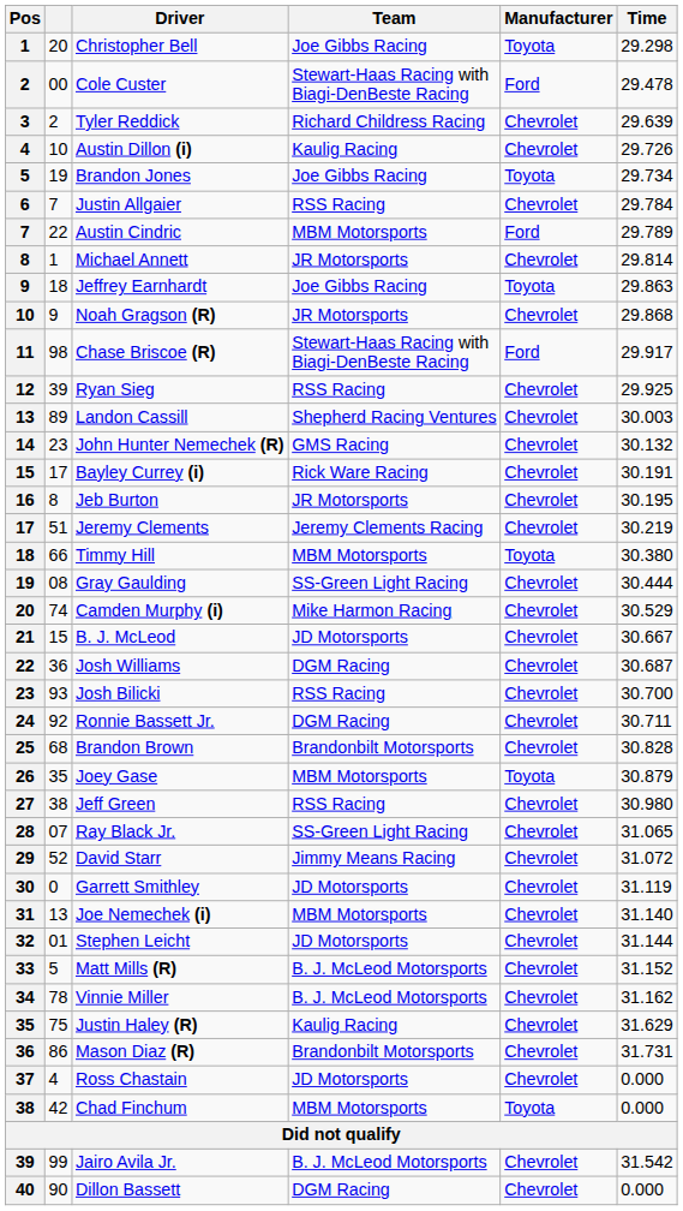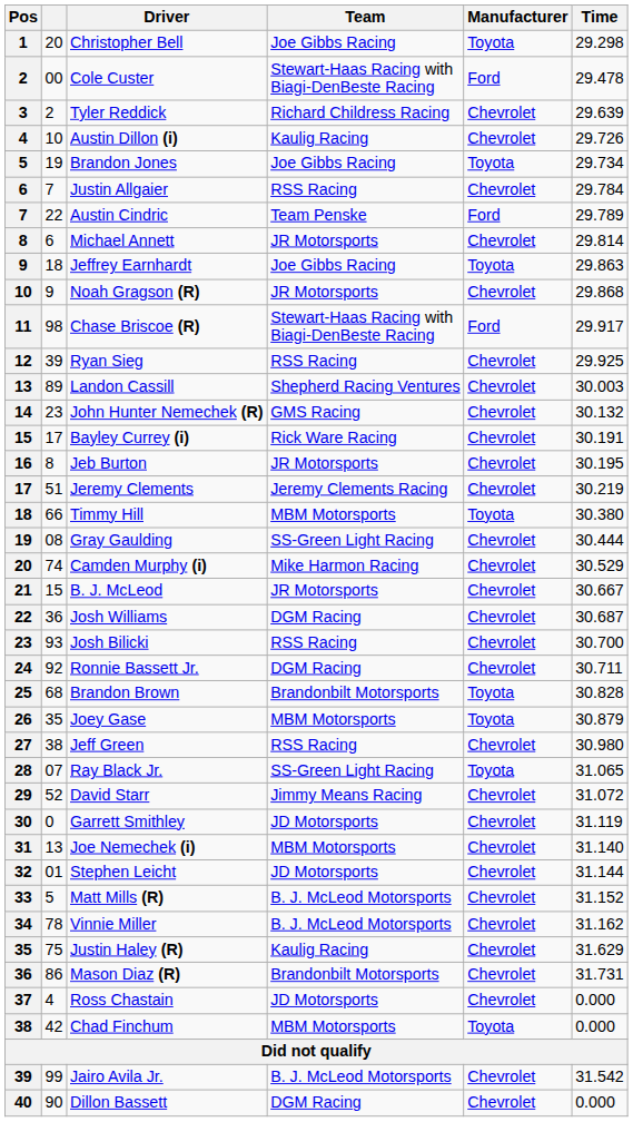 <table class="wikitable" style="font-size:98%">
 <tr>
 <th>Pos</th>
 <th></th>
 <th>Driver</th>
 <th>Team</th>
 <th>Manufacturer</th>
 <th>Time</th>
 </tr>
 <tr>
 <th>1</th>
 <td>20</td>
 <td><a href='#'>Christopher Bell</a></td>
 <td><a href='#'>Joe Gibbs Racing</a></td>
 <td><a href='#'>Toyota</a></td>
 <td>29.298</td>
 </tr>
 <tr>
 <th>2</th>
 <td>00</td>
 <td><a href='#'>Cole Custer</a></td>
 <td><a href='#'>Stewart-Haas Racing</a> with <br> <a href='#'>Biagi-DenBeste Racing</a></td>
 <td><a href='#'>Ford</a></td>
 <td>29.478</td>
 </tr>
 <tr>
 <th>3</th>
 <td>2</td>
 <td><a href='#'>Tyler Reddick</a></td>
 <td><a href='#'>Richard Childress Racing</a></td>
 <td><a href='#'>Chevrolet</a></td>
 <td>29.639</td>
 </tr>
 <tr>
 <th>4</th>
 <td>10</td>
 <td><a href='#'>Austin Dillon</a> <strong>(i)</strong></td>
 <td><a href='#'>Kaulig Racing</a></td>
 <td><a href='#'>Chevrolet</a></td>
 <td>29.726</td>
 </tr>
 <tr>
 <th>5</th>
 <td>19</td>
 <td><a href='#'>Brandon Jones</a></td>
 <td><a href='#'>Joe Gibbs Racing</a></td>
 <td><a href='#'>Toyota</a></td>
 <td>29.734</td>
 </tr>
 <tr>
 <th>6</th>
 <td>7</td>
 <td><a href='#'>Justin Allgaier</a></td>
 <td><a href='#'>RSS Racing</a></td>
 <td><a href='#'>Chevrolet</a></td>
 <td>29.784</td>
 </tr>
 <tr>
 <th>7</th>
 <td>22</td>
 <td><a href='#'>Austin Cindric</a></td>
-<td><a href='#'>MBM Motorsports</a></td>
+<td><a href='#'>Team Penske</a></td>
 <td><a href='#'>Ford</a></td>
 <td>29.789</td>
 </tr>
 <tr>
 <th>8</th>
-<td>1</td>
+<td>6</td>
 <td><a href='#'>Michael Annett</a></td>
 <td><a href='#'>JR Motorsports</a></td>
 <td><a href='#'>Chevrolet</a></td>
 <td>29.814</td>
 </tr>
 <tr>
 <th>9</th>
 <td>18</td>
 <td><a href='#'>Jeffrey Earnhardt</a></td>
 <td><a href='#'>Joe Gibbs Racing</a></td>
 <td><a href='#'>Toyota</a></td>
 <td>29.863</td>
 </tr>
 <tr>
 <th>10</th>
 <td>9</td>
 <td><a href='#'>Noah Gragson</a> <strong>(R)</strong></td>
 <td><a href='#'>JR Motorsports</a></td>
 <td><a href='#'>Chevrolet</a></td>
 <td>29.868</td>
 </tr>
 <tr>
 <th>11</th>
 <td>98</td>
 <td><a href='#'>Chase Briscoe</a> <strong>(R)</strong></td>
 <td><a href='#'>Stewart-Haas Racing</a> with <br> <a href='#'>Biagi-DenBeste Racing</a></td>
 <td><a href='#'>Ford</a></td>
 <td>29.917</td>
 </tr>
 <tr>
 <th>12</th>
 <td>39</td>
 <td><a href='#'>Ryan Sieg</a></td>
 <td><a href='#'>RSS Racing</a></td>
 <td><a href='#'>Chevrolet</a></td>
 <td>29.925</td>
 </tr>
 <tr>
 <th>13</th>
 <td>89</td>
 <td><a href='#'>Landon Cassill</a></td>
 <td><a href='#'>Shepherd Racing Ventures</a></td>
 <td><a href='#'>Chevrolet</a></td>
 <td>30.003</td>
 </tr>
 <tr>
 <th>14</th>
 <td>23</td>
 <td><a href='#'>John Hunter Nemechek</a> <strong>(R)</strong></td>
 <td><a href='#'>GMS Racing</a></td>
 <td><a href='#'>Chevrolet</a></td>
 <td>30.132</td>
 </tr>
 <tr>
 <th>15</th>
 <td>17</td>
 <td><a href='#'>Bayley Currey</a> <strong>(i)</strong></td>
 <td><a href='#'>Rick Ware Racing</a></td>
 <td><a href='#'>Chevrolet</a></td>
 <td>30.191</td>
 </tr>
 <tr>
 <th>16</th>
 <td>8</td>
 <td><a href='#'>Jeb Burton</a></td>
 <td><a href='#'>JR Motorsports</a></td>
 <td><a href='#'>Chevrolet</a></td>
 <td>30.195</td>
 </tr>
 <tr>
 <th>17</th>
 <td>51</td>
 <td><a href='#'>Jeremy Clements</a></td>
 <td><a href='#'>Jeremy Clements Racing</a></td>
 <td><a href='#'>Chevrolet</a></td>
 <td>30.219</td>
 </tr>
 <tr>
 <th>18</th>
 <td>66</td>
 <td><a href='#'>Timmy Hill</a></td>
 <td><a href='#'>MBM Motorsports</a></td>
 <td><a href='#'>Toyota</a></td>
 <td>30.380</td>
 </tr>
 <tr>
 <th>19</th>
 <td>08</td>
 <td><a href='#'>Gray Gaulding</a></td>
 <td><a href='#'>SS-Green Light Racing</a></td>
 <td><a href='#'>Chevrolet</a></td>
 <td>30.444</td>
 </tr>
 <tr>
 <th>20</th>
 <td>74</td>
 <td><a href='#'>Camden Murphy</a> <strong>(i)</strong></td>
 <td><a href='#'>Mike Harmon Racing</a></td>
 <td><a href='#'>Chevrolet</a></td>
 <td>30.529</td>
 </tr>
 <tr>
 <th>21</th>
 <td>15</td>
 <td><a href='#'>B. J. McLeod</a></td>
-<td><a href='#'>JD Motorsports</a></td>
+<td><a href='#'>JR Motorsports</a></td>
 <td><a href='#'>Chevrolet</a></td>
 <td>30.667</td>
 </tr>
 <tr>
 <th>22</th>
 <td>36</td>
 <td><a href='#'>Josh Williams</a></td>
 <td><a href='#'>DGM Racing</a></td>
 <td><a href='#'>Chevrolet</a></td>
 <td>30.687</td>
 </tr>
 <tr>
 <th>23</th>
 <td>93</td>
 <td><a href='#'>Josh Bilicki</a></td>
 <td><a href='#'>RSS Racing</a></td>
 <td><a href='#'>Chevrolet</a></td>
 <td>30.700</td>
 </tr>
 <tr>
 <th>24</th>
 <td>92</td>
 <td><a href='#'>Ronnie Bassett Jr.</a></td>
 <td><a href='#'>DGM Racing</a></td>
 <td><a href='#'>Chevrolet</a></td>
 <td>30.711</td>
 </tr>
 <tr>
 <th>25</th>
 <td>68</td>
 <td><a href='#'>Brandon Brown</a></td>
 <td><a href='#'>Brandonbilt Motorsports</a></td>
-<td><a href='#'>Chevrolet</a></td>
+<td><a href='#'>Toyota</a></td>
 <td>30.828</td>
 </tr>
 <tr>
 <th>26</th>
 <td>35</td>
 <td><a href='#'>Joey Gase</a></td>
 <td><a href='#'>MBM Motorsports</a></td>
 <td><a href='#'>Toyota</a></td>
 <td>30.879</td>
 </tr>
 <tr>
 <th>27</th>
 <td>38</td>
 <td><a href='#'>Jeff Green</a></td>
 <td><a href='#'>RSS Racing</a></td>
 <td><a href='#'>Chevrolet</a></td>
 <td>30.980</td>
 </tr>
 <tr>
 <th>28</th>
 <td>07</td>
 <td><a href='#'>Ray Black Jr.</a></td>
 <td><a href='#'>SS-Green Light Racing</a></td>
-<td><a href='#'>Chevrolet</a></td>
+<td><a href='#'>Toyota</a></td>
 <td>31.065</td>
 </tr>
 <tr>
 <th>29</th>
 <td>52</td>
 <td><a href='#'>David Starr</a></td>
 <td><a href='#'>Jimmy Means Racing</a></td>
 <td><a href='#'>Chevrolet</a></td>
 <td>31.072</td>
 </tr>
 <tr>
 <th>30</th>
 <td>0</td>
 <td><a href='#'>Garrett Smithley</a></td>
 <td><a href='#'>JD Motorsports</a></td>
 <td><a href='#'>Chevrolet</a></td>
 <td>31.119</td>
 </tr>
 <tr>
 <th>31</th>
 <td>13</td>
 <td><a href='#'>Joe Nemechek</a> <strong>(i)</strong></td>
 <td><a href='#'>MBM Motorsports</a></td>
 <td><a href='#'>Chevrolet</a></td>
 <td>31.140</td>
 </tr>
 <tr>
 <th>32</th>
 <td>01</td>
 <td><a href='#'>Stephen Leicht</a></td>
 <td><a href='#'>JD Motorsports</a></td>
 <td><a href='#'>Chevrolet</a></td>
 <td>31.144</td>
 </tr>
 <tr>
 <th>33</th>
 <td>5</td>
 <td><a href='#'>Matt Mills</a> <strong>(R)</strong></td>
 <td><a href='#'>B. J. McLeod Motorsports</a></td>
 <td><a href='#'>Chevrolet</a></td>
 <td>31.152</td>
 </tr>
 <tr>
 <th>34</th>
 <td>78</td>
 <td><a href='#'>Vinnie Miller</a></td>
 <td><a href='#'>B. J. McLeod Motorsports</a></td>
 <td><a href='#'>Chevrolet</a></td>
 <td>31.162</td>
 </tr>
 <tr>
 <th>35</th>
 <td>75</td>
 <td><a href='#'>Justin Haley</a> <strong>(R)</strong></td>
 <td><a href='#'>Kaulig Racing</a></td>
 <td><a href='#'>Chevrolet</a></td>
 <td>31.629</td>
 </tr>
 <tr>
 <th>36</th>
 <td>86</td>
 <td><a href='#'>Mason Diaz</a> <strong>(R)</strong></td>
 <td><a href='#'>Brandonbilt Motorsports</a></td>
 <td><a href='#'>Chevrolet</a></td>
 <td>31.731</td>
 </tr>
 <tr>
 <th>37</th>
 <td>4</td>
 <td><a href='#'>Ross Chastain</a></td>
 <td><a href='#'>JD Motorsports</a></td>
 <td><a href='#'>Chevrolet</a></td>
 <td>0.000</td>
 </tr>
 <tr>
 <th>38</th>
 <td>42</td>
 <td><a href='#'>Chad Finchum</a></td>
 <td><a href='#'>MBM Motorsports</a></td>
 <td><a href='#'>Toyota</a></td>
 <td>0.000</td>
 </tr>
 <tr>
 <th colspan="7">Did not qualify</th>
 </tr>
 <tr>
 <th>39</th>
 <td>99</td>
 <td><a href='#'>Jairo Avila Jr.</a></td>
 <td><a href='#'>B. J. McLeod Motorsports</a></td>
 <td><a href='#'>Chevrolet</a></td>
 <td>31.542</td>
 </tr>
 <tr>
 <th>40</th>
 <td>90</td>
 <td><a href='#'>Dillon Bassett</a></td>
 <td><a href='#'>DGM Racing</a></td>
 <td><a href='#'>Chevrolet</a></td>
 <td>0.000</td>
 </tr>
 </table>
